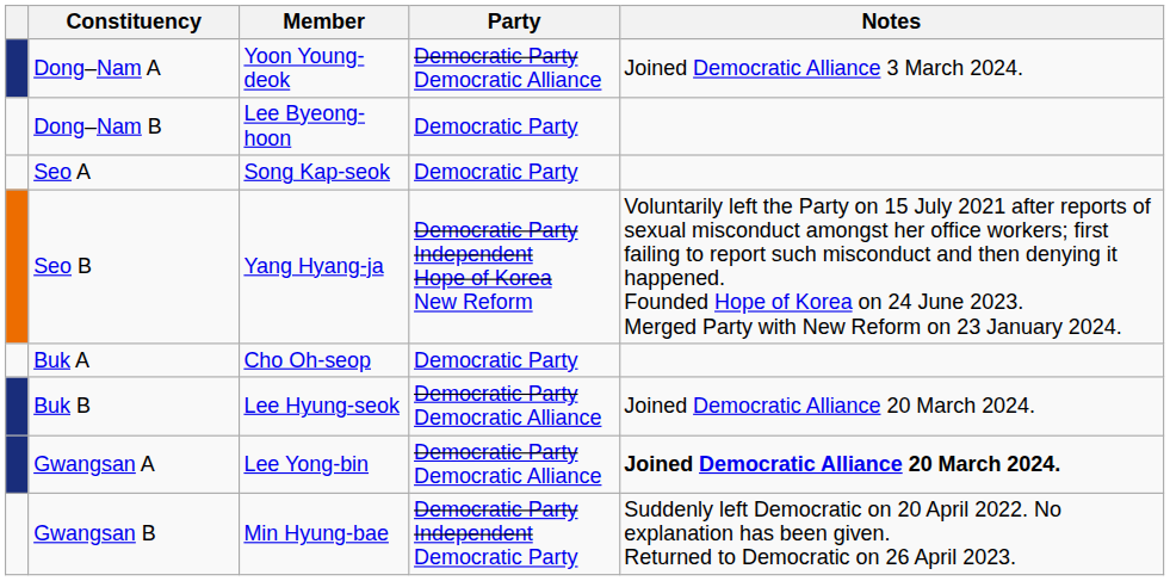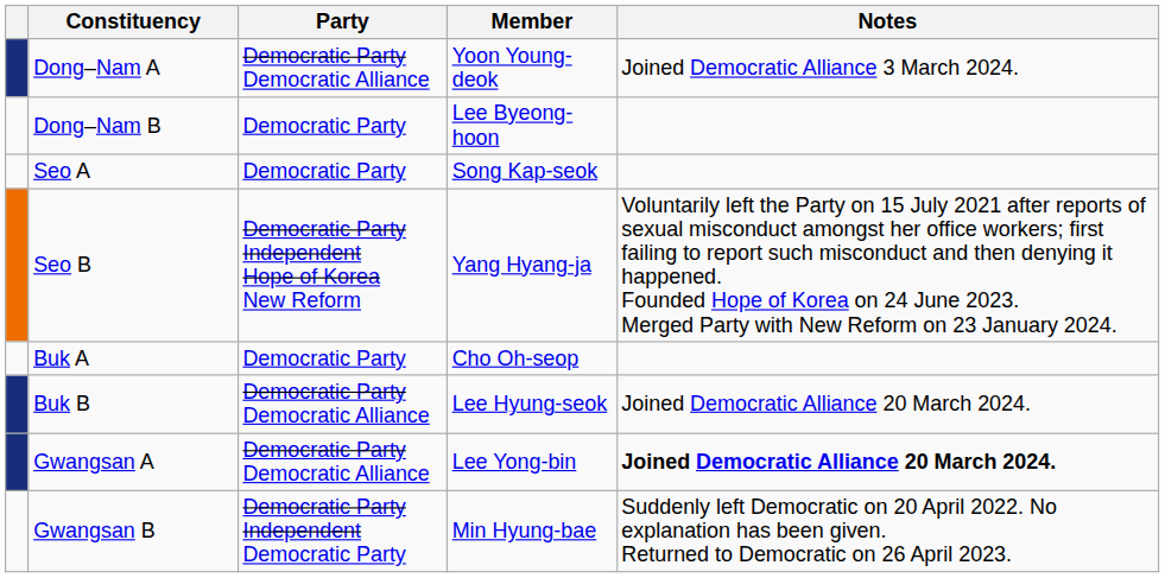 <table class="wikitable sortable">
 <tr>
 <th scope="col" style="width:10px;" class="unsortable"></th>
 <th scope="col" style="width:150px;">Constituency</th>
+<th scope="col" style="width:150px;">Party</th>
 <th scope="col" style="width:120px;">Member</th>
-<th scope="col" style="width:150px;">Party</th>
 <th scope="col" style="width:400px;" class="unsortable">Notes</th>
 </tr>
 <tr>
 <td scope="row" style="background-color:#192D7B"></td>
 <td><a href='#'>Dong</a>–<a href='#'>Nam</a> A</td>
+<td><s><a href='#'>Democratic Party</a></s><br><a href='#'>Democratic Alliance</a></td>
 <td><a href='#'>Yoon Young-deok</a></td>
-<td><s><a href='#'>Democratic Party</a></s><br><a href='#'>Democratic Alliance</a></td>
 <td>Joined <a href='#'>Democratic Alliance</a> 3 March 2024.</td>
 </tr>
 <tr>
 <td scope="row" style="background-color:"></td>
 <td><a href='#'>Dong</a>–<a href='#'>Nam</a> B</td>
+<td><a href='#'>Democratic Party</a></td>
 <td><a href='#'>Lee Byeong-hoon</a></td>
-<td><a href='#'>Democratic Party</a></td>
 <td></td>
 </tr>
 <tr>
 <td scope="row" style="background-color:"></td>
 <td><a href='#'>Seo</a> A</td>
+<td><a href='#'>Democratic Party</a></td>
 <td><a href='#'>Song Kap-seok</a></td>
-<td><a href='#'>Democratic Party</a></td>
 <td></td>
 </tr>
 <tr>
 <td scope="row" style="background-color:#ED6D00"></td>
 <td><a href='#'>Seo</a> B</td>
+<td><s><a href='#'>Democratic Party</a></s><br><s><a href='#'>Independent</a></s><br><s><a href='#'>Hope of Korea</a><br></s><a href='#'>New Reform</a></td>
 <td><a href='#'>Yang Hyang-ja</a></td>
-<td><s><a href='#'>Democratic Party</a></s><br><s><a href='#'>Independent</a></s><br><s><a href='#'>Hope of Korea</a><br></s><a href='#'>New Reform</a></td>
 <td>Voluntarily left the Party on 15 July 2021 after reports of sexual misconduct amongst her office workers; first failing to report such misconduct and then denying it happened.<br> Founded <a href='#'>Hope of Korea</a> on 24 June 2023.<br>Merged Party with New Reform on 23 January 2024.</td>
 </tr>
 <tr>
 <td scope="row" style="background-color:"></td>
 <td><a href='#'>Buk</a> A</td>
+<td><a href='#'>Democratic Party</a></td>
 <td><a href='#'>Cho Oh-seop</a></td>
-<td><a href='#'>Democratic Party</a></td>
 <td></td>
 </tr>
 <tr>
 <td scope="row" style="background-color:#192D7B"></td>
 <td><a href='#'>Buk</a> B</td>
+<td><s><a href='#'>Democratic Party</a></s><br><a href='#'>Democratic Alliance</a></td>
 <td><a href='#'>Lee Hyung-seok</a></td>
-<td><s><a href='#'>Democratic Party</a></s><br><a href='#'>Democratic Alliance</a></td>
 <td>Joined <a href='#'>Democratic Alliance</a> 20 March 2024.</td>
 </tr>
 <tr>
 <td scope="row" style="background-color:#192D7B"></td>
 <td><a href='#'>Gwangsan</a> A</td>
+<td><s><a href='#'>Democratic Party</a></s><br><a href='#'>Democratic Alliance</a></td>
 <td><a href='#'>Lee Yong-bin</a></td>
-<td><s><a href='#'>Democratic Party</a></s><br><a href='#'>Democratic Alliance</a></td>
 <td><strong>Joined <a href='#'>Democratic Alliance</a> 20 March 2024.</strong></td>
 </tr>
 <tr>
 <td scope="row" style="background-color:"></td>
 <td><a href='#'>Gwangsan</a> B</td>
+<td><s><a href='#'>Democratic Party</a></s><br><s><a href='#'>Independent</a></s><br><a href='#'>Democratic Party</a></td>
 <td><a href='#'>Min Hyung-bae</a></td>
-<td><s><a href='#'>Democratic Party</a></s><br><s><a href='#'>Independent</a></s><br><a href='#'>Democratic Party</a></td>
 <td>Suddenly left Democratic on 20 April 2022. No explanation has been given.<br> Returned to Democratic on 26 April 2023.</td>
 </tr>
 </table>
